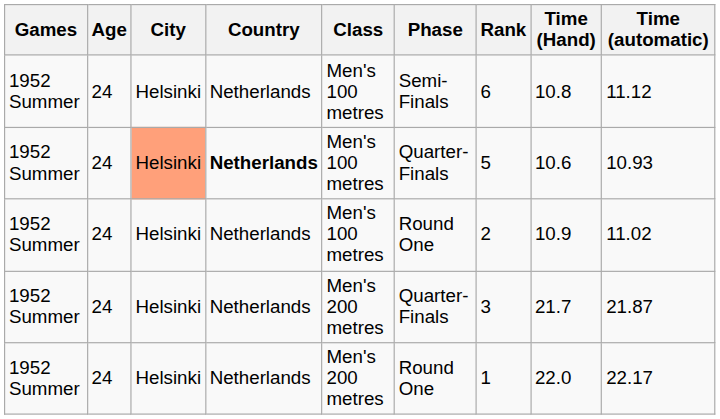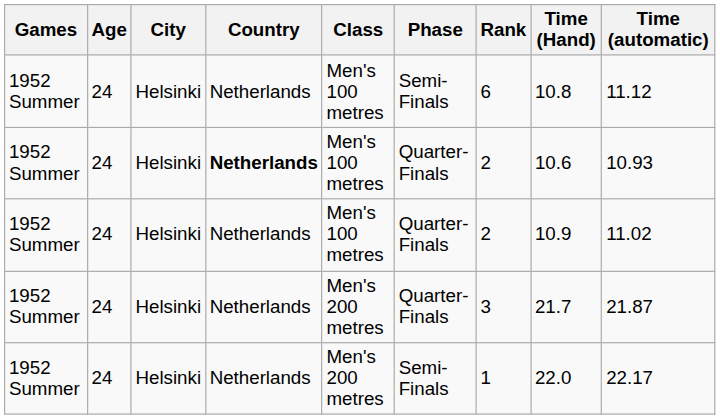 <table class="wikitable">
 <tr>
 <th>Games</th>
 <th>Age</th>
 <th>City</th>
 <th>Country</th>
 <th>Class</th>
 <th>Phase</th>
 <th>Rank</th>
 <th>Time (Hand)</th>
 <th>Time (automatic)</th>
 </tr>
 <tr>
 <td>1952 Summer</td>
 <td>24</td>
 <td>Helsinki</td>
 <td>Netherlands</td>
 <td>Men's 100 metres</td>
 <td>Semi-Finals</td>
 <td>6</td>
 <td>10.8</td>
 <td>11.12</td>
 </tr>
 <tr>
 <td>1952 Summer</td>
 <td>24</td>
-<td style="background: lightsalmon;">Helsinki</td>
+<td>Helsinki</td>
 <td><strong>Netherlands</strong></td>
 <td>Men's 100 metres</td>
 <td>Quarter-Finals</td>
-<td>5</td>
+<td>2</td>
 <td>10.6</td>
 <td>10.93</td>
 </tr>
 <tr>
 <td>1952 Summer</td>
 <td>24</td>
 <td>Helsinki</td>
 <td>Netherlands</td>
 <td>Men's 100 metres</td>
-<td>Round One</td>
+<td>Quarter-Finals</td>
 <td>2</td>
 <td>10.9</td>
 <td>11.02</td>
 </tr>
 <tr>
 <td>1952 Summer</td>
 <td>24</td>
 <td>Helsinki</td>
 <td>Netherlands</td>
 <td>Men's 200 metres</td>
 <td>Quarter-Finals</td>
 <td>3</td>
 <td>21.7</td>
 <td>21.87</td>
 </tr>
 <tr>
 <td>1952 Summer</td>
 <td>24</td>
 <td>Helsinki</td>
 <td>Netherlands</td>
 <td>Men's 200 metres</td>
-<td>Round One</td>
+<td>Semi-Finals</td>
 <td>1</td>
 <td>22.0</td>
 <td>22.17</td>
 </tr>
 </table>
